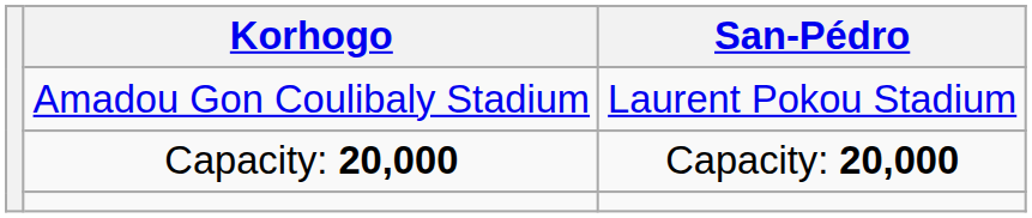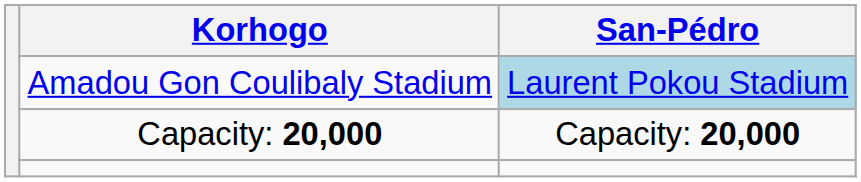 <table class="wikitable" style="text-align:center;amrgin:1em auto;">
 <tr>
 <th rowspan="4"></th>
 <th><a href='#'>Korhogo</a></th>
 <th><a href='#'>San-Pédro</a></th>
 </tr>
 <tr>
 <td><a href='#'>Amadou Gon Coulibaly Stadium</a></td>
-<td><a href='#'>Laurent Pokou Stadium</a></td>
+<td style="background: lightblue;"><a href='#'>Laurent Pokou Stadium</a></td>
 </tr>
 <tr>
 <td>Capacity: <strong>20,000</strong></td>
 <td>Capacity: <strong>20,000</strong></td>
 </tr>
 <tr>
 <td></td>
 <td></td>
 </tr>
 </table>
